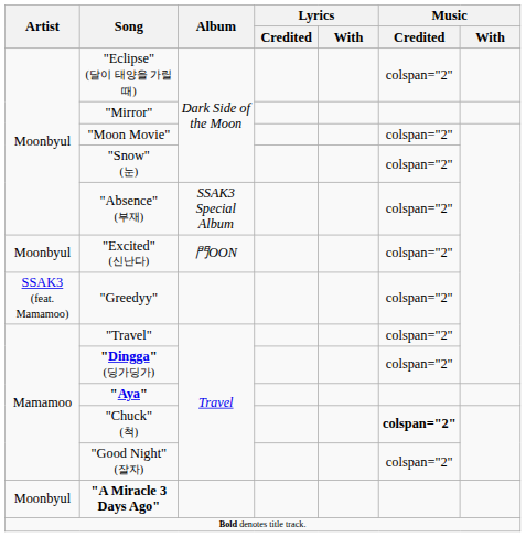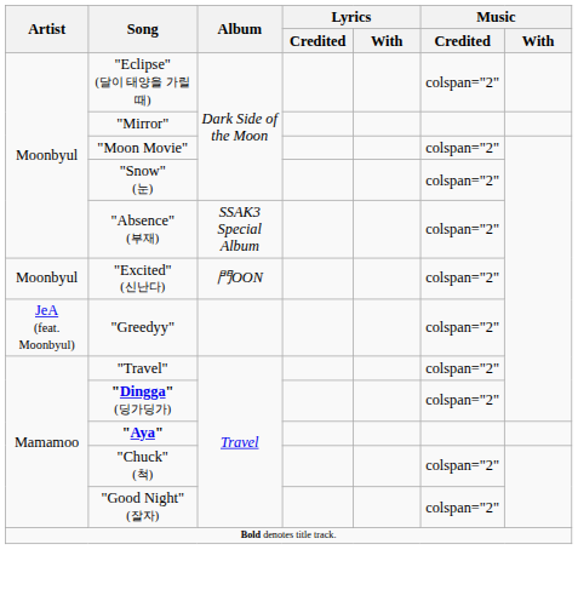 <table class="wikitable" style="text-align:center;">
 <tr>
 <th rowspan="2" style="width:7.5em;">Artist</th>
 <th rowspan="2" style="width:15em;">Song</th>
 <th rowspan="2" style="width:12.5em;">Album</th>
 <th colspan="2" style="width:16em;">Lyrics</th>
 <th colspan="2" style="width:16em;">Music</th>
 </tr>
 <tr>
 <th style="width:6em;">Credited</th>
 <th style="width:10em;">With</th>
 <th style="width:6em;">Credited</th>
 <th style="width:10em;">With</th>
 </tr>
 <tr>
 <td rowspan="5">Moonbyul</td>
 <td>"Eclipse" <br><small>(달이 태양을 가릴 때)</small></td>
 <td rowspan="4"><em>Dark Side of the Moon</em></td>
 <td></td>
 <td></td>
 <td>colspan="2" </td>
 </tr>
 <tr>
 <td>"Mirror"</td>
 <td></td>
 <td></td>
 <td></td>
 <td></td>
 </tr>
 <tr>
 <td>"Moon Movie"</td>
 <td></td>
 <td></td>
 <td>colspan="2" </td>
 </tr>
 <tr>
 <td>"Snow" <br><small>(눈)</small></td>
 <td></td>
 <td></td>
 <td>colspan="2" </td>
 </tr>
 <tr>
 <td>"Absence" <br><small>(부재)</small></td>
 <td><em>SSAK3 Special Album</em></td>
 <td></td>
 <td></td>
 <td>colspan="2" </td>
 </tr>
 <tr>
 <td>Moonbyul</td>
 <td>"Excited" <br><small>(신난다)</small></td>
 <td><em>門OON</em></td>
 <td></td>
 <td></td>
 <td>colspan="2" </td>
 </tr>
 <tr>
-<td><a href='#'>SSAK3</a> <br><small>(feat. Mamamoo)</small></td>
+<td><a href='#'>JeA</a> <br><small>(feat. Moonbyul)</small></td>
 <td>"Greedyy"</td>
 <td></td>
 <td></td>
 <td></td>
 <td>colspan="2" </td>
 </tr>
 <tr>
 <td rowspan="5">Mamamoo</td>
 <td>"Travel"</td>
 <td rowspan="5"><em><a href='#'>Travel</a></em></td>
 <td></td>
 <td></td>
 <td>colspan="2" </td>
 </tr>
 <tr>
 <td><strong>"<a href='#'>Dingga</a>"</strong> <br><small>(딩가딩가)</small></td>
 <td></td>
 <td></td>
 <td>colspan="2" </td>
 </tr>
 <tr>
 <td><strong>"<a href='#'>Aya</a>"</strong></td>
 <td></td>
 <td></td>
 <td></td>
 <td></td>
 </tr>
 <tr>
 <td>"Chuck" <br><small>(척)</small></td>
 <td></td>
 <td></td>
-<td><strong>colspan="2" </strong></td>
+<td>colspan="2" </td>
 </tr>
 <tr>
 <td>"Good Night" <br><small>(잘자)</small></td>
 <td></td>
 <td></td>
 <td>colspan="2" </td>
 </tr>
 <tr>
-<td>Moonbyul</td>
-<td><strong>"A Miracle 3 Days Ago"</strong></td>
-<td></td>
-<td></td>
-<td></td>
-<td></td>
-<td></td>
-</tr>
-<tr>
 <td colspan="7" style="text-align:center; font-size:8pt;"><strong>Bold</strong> denotes title track.</td>
 </tr>
 </table>
